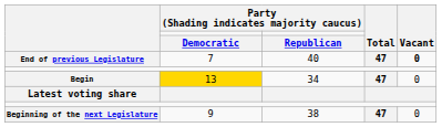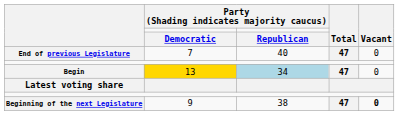 <table class=wikitable style="text-align:center">
 <tr style="vertical-align:bottom;">
 <th rowspan=3></th>
 <th colspan=2>Party <div>(Shading indicates majority caucus)</div></th>
 <th rowspan=3>Total</th>
 <th rowspan=3>Vacant</th>
 </tr>
 <tr style="height:5px">
 <td style="background-color:"></td>
 <td style="background-color:"></td>
 </tr>
 <tr>
 <th><a href='#'>Democratic</a></th>
 <th><a href='#'>Republican</a></th>
 </tr>
 <tr>
 <th style="white-space:nowrap; font-size:80%;">End of <a href='#'>previous Legislature</a></th>
 <td>7</td>
 <td>40</td>
 <th>47</th>
-<td><strong>0</strong></td>
+<td>0</td>
 </tr>
 <tr>
 <td colspan=6></td>
 </tr>
 <tr>
 <th style="font-size:80%">Begin</th>
 <td style="background: gold;">13</td>
-<td>34</td>
+<td style="background: lightblue;">34</td>
 <th>47</th>
 <td>0</td>
 </tr>
 <tr>
 <th>Latest voting share</th>
 <th></th>
 <th></th>
 <th colspan=2></th>
 </tr>
 <tr>
 <td colspan=6></td>
 </tr>
 <tr>
 <th style="white-space:nowrap; font-size:80%;">Beginning of the <a href='#'>next Legislature</a></th>
 <td>9</td>
 <td>38</td>
 <th>47</th>
-<td>0</td>
+<td><strong>0</strong></td>
 </tr>
 </table>
